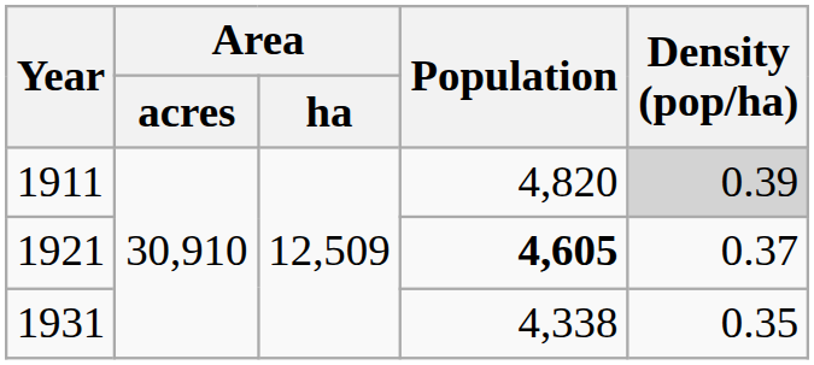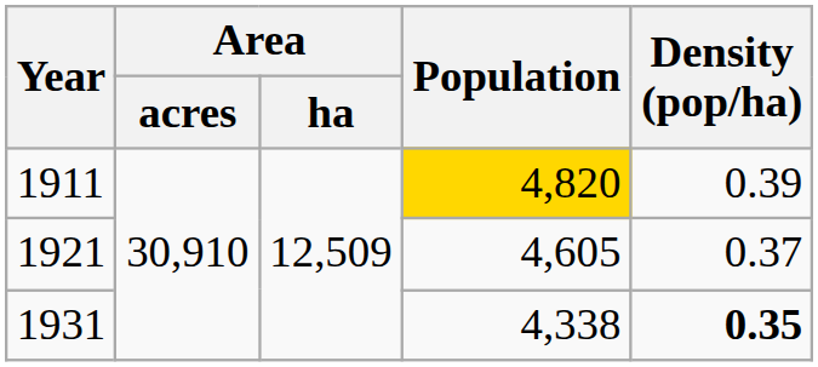 <table class="wikitable">
 <tr>
 <th rowspan="2">Year</th>
 <th colspan="2">Area</th>
 <th rowspan="2">Population<br></th>
 <th rowspan="2">Density<br>(pop/ha)</th>
 </tr>
 <tr>
 <th>acres</th>
 <th>ha</th>
 </tr>
 <tr>
 <td>1911</td>
 <td style="text-align:right;" rowspan="3">30,910</td>
 <td style="text-align:right;" rowspan="3">12,509</td>
-<td style="text-align:right;">4,820</td>
-<td style="background: lightgrey; text-align:right;">0.39</td>
+<td style="background: gold; text-align:right;">4,820</td>
+<td style="text-align:right;">0.39</td>
 </tr>
 <tr>
 <td>1921</td>
-<td style="text-align:right;"><strong>4,605</strong></td>
+<td style="text-align:right;">4,605</td>
 <td style="text-align:right;">0.37</td>
 </tr>
 <tr>
 <td>1931</td>
 <td style="text-align:right;">4,338</td>
-<td style="text-align:right;">0.35</td>
+<td style="text-align:right;"><strong>0.35</strong></td>
 </tr>
 </table>
